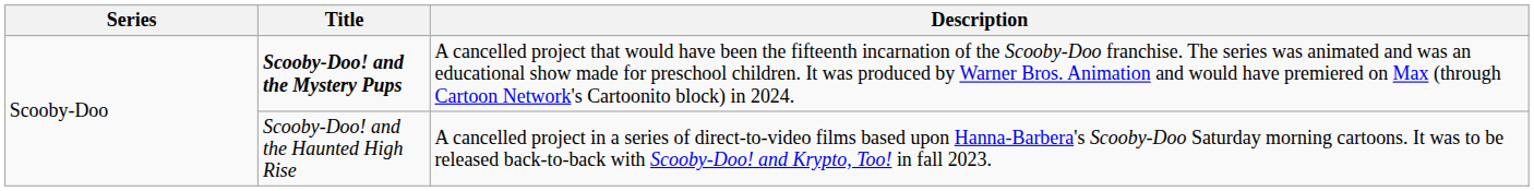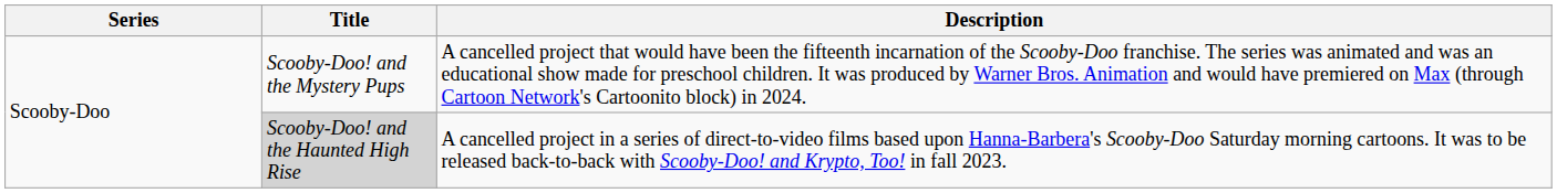 <table class="wikitable">
 <tr>
 <th style="width:150pt;">Series</th>
 <th style="width:100pt;">Title</th>
 <th>Description</th>
 </tr>
 <tr>
 <td rowspan="2">Scooby-Doo</td>
-<td><strong><em>Scooby-Doo! and the Mystery Pups</em></strong></td>
+<td><em>Scooby-Doo! and the Mystery Pups</em></td>
 <td>A cancelled project that would have been the fifteenth incarnation of the <em>Scooby-Doo</em> franchise. The series was animated and was an educational show made for preschool children. It was produced by <a href='#'>Warner Bros. Animation</a> and would have premiered on <a href='#'>Max</a> (through <a href='#'>Cartoon Network</a>'s Cartoonito block) in 2024.</td>
 </tr>
 <tr>
-<td><em>Scooby-Doo! and the Haunted High Rise</em></td>
+<td style="background: lightgrey;"><em>Scooby-Doo! and the Haunted High Rise</em></td>
 <td>A cancelled project in a series of direct-to-video films based upon <a href='#'>Hanna-Barbera</a>'s <em>Scooby-Doo</em> Saturday morning cartoons. It was to be released back-to-back with <em><a href='#'>Scooby-Doo! and Krypto, Too!</a></em> in fall 2023.</td>
 </tr>
 </table>
